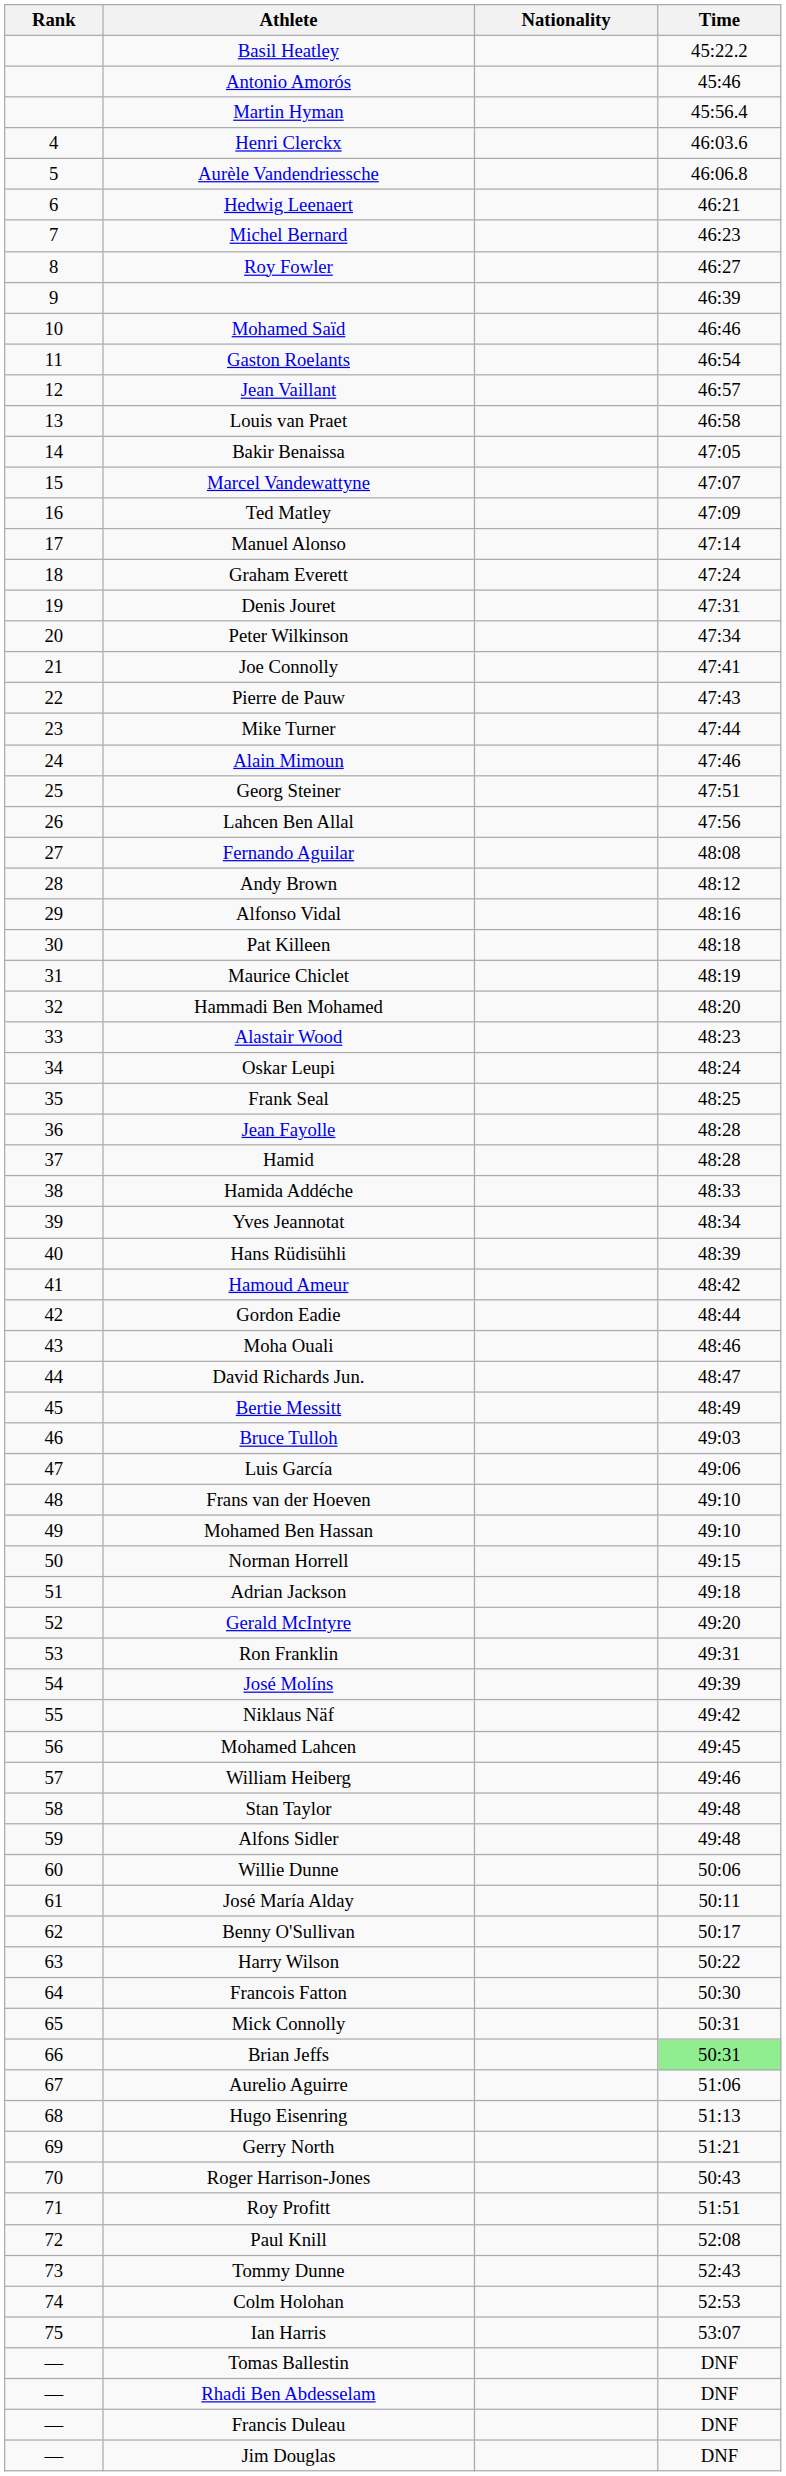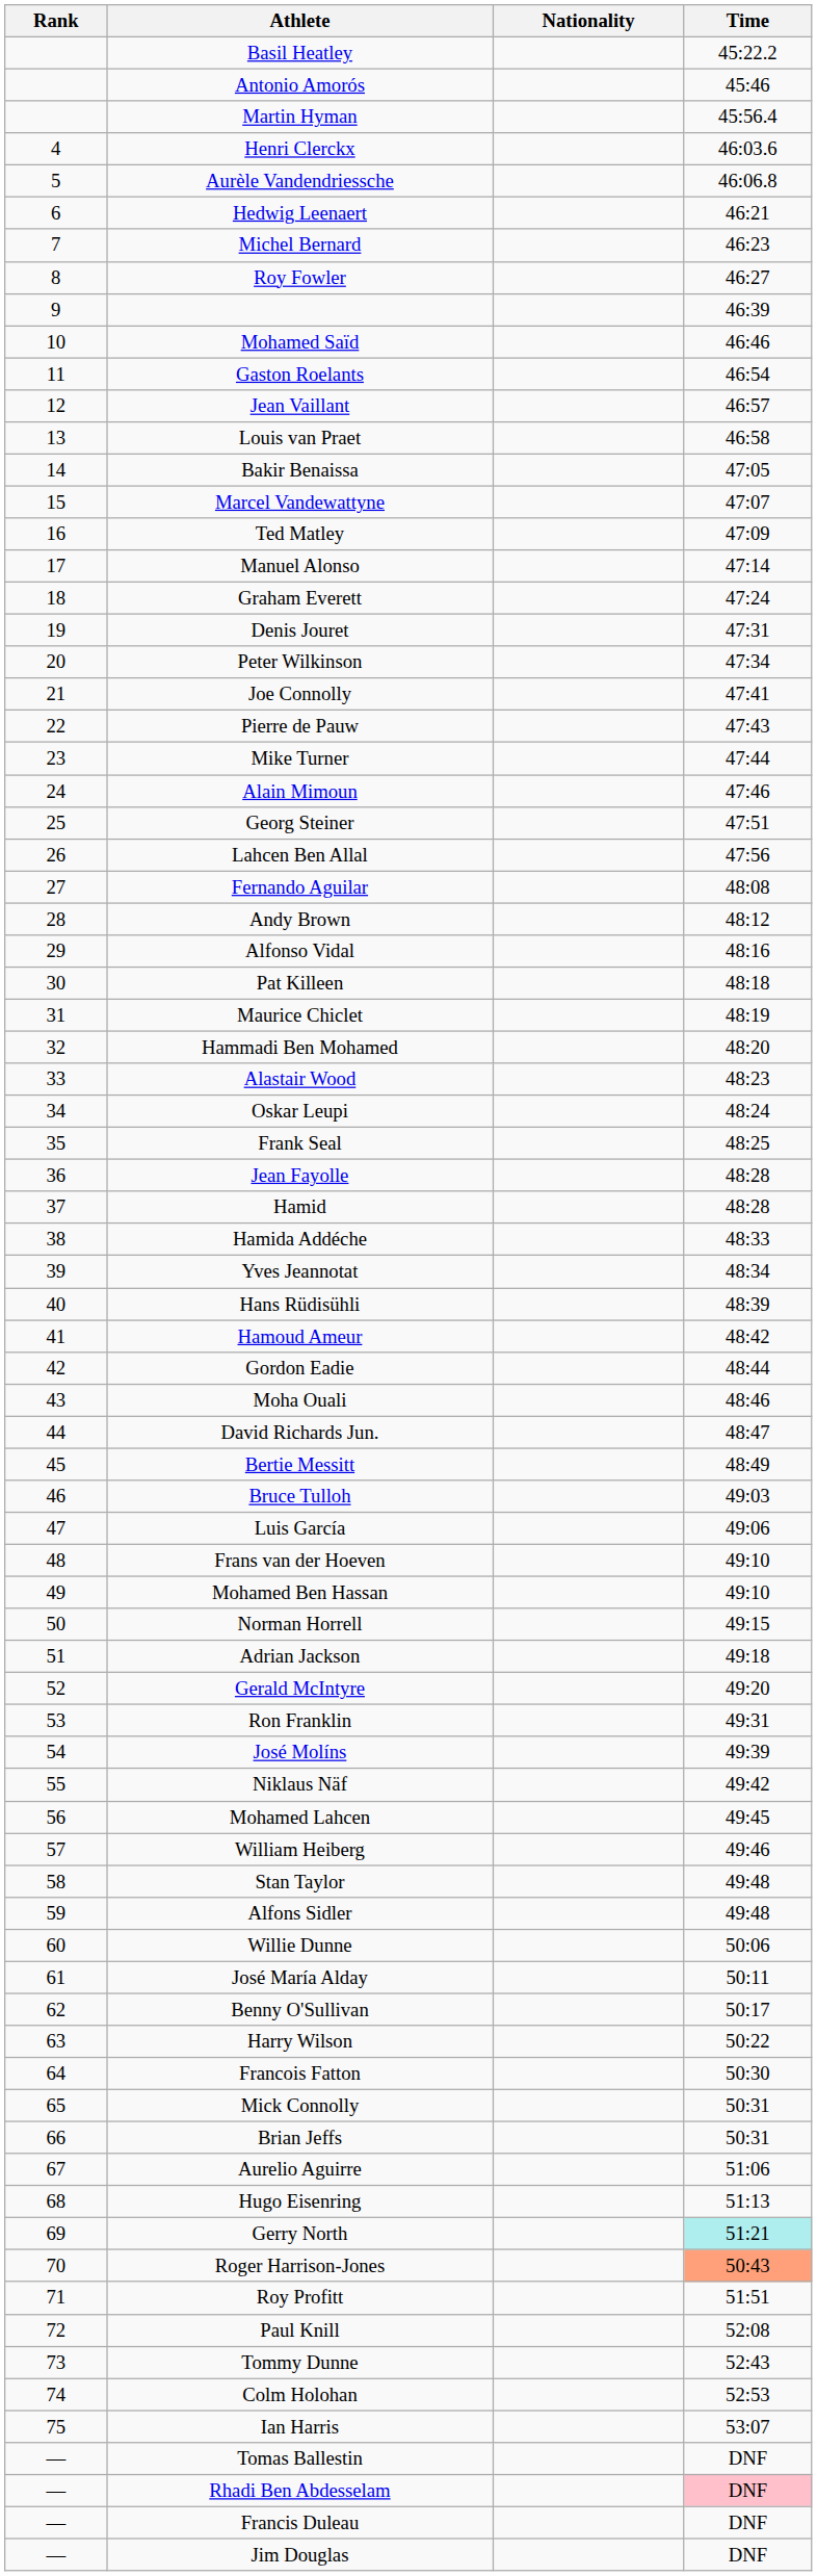 <table class="wikitable sortable" style=" text-align:center; font-size:95%;" width="50%">
 <tr>
 <th>Rank</th>
 <th>Athlete</th>
 <th>Nationality</th>
 <th>Time</th>
 </tr>
 <tr>
 <td align=center></td>
 <td><a href='#'>Basil Heatley</a></td>
 <td></td>
 <td>45:22.2</td>
 </tr>
 <tr>
 <td align=center></td>
 <td><a href='#'>Antonio Amorós</a></td>
 <td></td>
 <td>45:46</td>
 </tr>
 <tr>
 <td align=center></td>
 <td><a href='#'>Martin Hyman</a></td>
 <td></td>
 <td>45:56.4</td>
 </tr>
 <tr>
 <td align=center>4</td>
 <td><a href='#'>Henri Clerckx</a></td>
 <td></td>
 <td>46:03.6</td>
 </tr>
 <tr>
 <td align=center>5</td>
 <td><a href='#'>Aurèle Vandendriessche</a></td>
 <td></td>
 <td>46:06.8</td>
 </tr>
 <tr>
 <td align=center>6</td>
 <td><a href='#'>Hedwig Leenaert</a></td>
 <td></td>
 <td>46:21</td>
 </tr>
 <tr>
 <td align=center>7</td>
 <td><a href='#'>Michel Bernard</a></td>
 <td></td>
 <td>46:23</td>
 </tr>
 <tr>
 <td align=center>8</td>
 <td><a href='#'>Roy Fowler</a></td>
 <td></td>
 <td>46:27</td>
 </tr>
 <tr>
 <td align=center>9</td>
 <td></td>
 <td></td>
 <td>46:39</td>
 </tr>
 <tr>
 <td align=center>10</td>
 <td><a href='#'>Mohamed Saïd</a></td>
 <td></td>
 <td>46:46</td>
 </tr>
 <tr>
 <td align=center>11</td>
 <td><a href='#'>Gaston Roelants</a></td>
 <td></td>
 <td>46:54</td>
 </tr>
 <tr>
 <td align=center>12</td>
 <td><a href='#'>Jean Vaillant</a></td>
 <td></td>
 <td>46:57</td>
 </tr>
 <tr>
 <td align=center>13</td>
 <td>Louis van Praet</td>
 <td></td>
 <td>46:58</td>
 </tr>
 <tr>
 <td align=center>14</td>
 <td>Bakir Benaissa</td>
 <td></td>
 <td>47:05</td>
 </tr>
 <tr>
 <td align=center>15</td>
 <td><a href='#'>Marcel Vandewattyne</a></td>
 <td></td>
 <td>47:07</td>
 </tr>
 <tr>
 <td align=center>16</td>
 <td>Ted Matley</td>
 <td></td>
 <td>47:09</td>
 </tr>
 <tr>
 <td align=center>17</td>
 <td>Manuel Alonso</td>
 <td></td>
 <td>47:14</td>
 </tr>
 <tr>
 <td align=center>18</td>
 <td>Graham Everett</td>
 <td></td>
 <td>47:24</td>
 </tr>
 <tr>
 <td align=center>19</td>
 <td>Denis Jouret</td>
 <td></td>
 <td>47:31</td>
 </tr>
 <tr>
 <td align=center>20</td>
 <td>Peter Wilkinson</td>
 <td></td>
 <td>47:34</td>
 </tr>
 <tr>
 <td align=center>21</td>
 <td>Joe Connolly</td>
 <td></td>
 <td>47:41</td>
 </tr>
 <tr>
 <td align=center>22</td>
 <td>Pierre de Pauw</td>
 <td></td>
 <td>47:43</td>
 </tr>
 <tr>
 <td align=center>23</td>
 <td>Mike Turner</td>
 <td></td>
 <td>47:44</td>
 </tr>
 <tr>
 <td align=center>24</td>
 <td><a href='#'>Alain Mimoun</a></td>
 <td></td>
 <td>47:46</td>
 </tr>
 <tr>
 <td align=center>25</td>
 <td>Georg Steiner</td>
 <td></td>
 <td>47:51</td>
 </tr>
 <tr>
 <td align=center>26</td>
 <td>Lahcen Ben Allal</td>
 <td></td>
 <td>47:56</td>
 </tr>
 <tr>
 <td align=center>27</td>
 <td><a href='#'>Fernando Aguilar</a></td>
 <td></td>
 <td>48:08</td>
 </tr>
 <tr>
 <td align=center>28</td>
 <td>Andy Brown</td>
 <td></td>
 <td>48:12</td>
 </tr>
 <tr>
 <td align=center>29</td>
 <td>Alfonso Vidal</td>
 <td></td>
 <td>48:16</td>
 </tr>
 <tr>
 <td align=center>30</td>
 <td>Pat Killeen</td>
 <td></td>
 <td>48:18</td>
 </tr>
 <tr>
 <td align=center>31</td>
 <td>Maurice Chiclet</td>
 <td></td>
 <td>48:19</td>
 </tr>
 <tr>
 <td align=center>32</td>
 <td>Hammadi Ben Mohamed</td>
 <td></td>
 <td>48:20</td>
 </tr>
 <tr>
 <td align=center>33</td>
 <td><a href='#'>Alastair Wood</a></td>
 <td></td>
 <td>48:23</td>
 </tr>
 <tr>
 <td align=center>34</td>
 <td>Oskar Leupi</td>
 <td></td>
 <td>48:24</td>
 </tr>
 <tr>
 <td align=center>35</td>
 <td>Frank Seal</td>
 <td></td>
 <td>48:25</td>
 </tr>
 <tr>
 <td align=center>36</td>
 <td><a href='#'>Jean Fayolle</a></td>
 <td></td>
 <td>48:28</td>
 </tr>
 <tr>
 <td align=center>37</td>
 <td>Hamid</td>
 <td></td>
 <td>48:28</td>
 </tr>
 <tr>
 <td align=center>38</td>
 <td>Hamida Addéche</td>
 <td></td>
 <td>48:33</td>
 </tr>
 <tr>
 <td align=center>39</td>
 <td>Yves Jeannotat</td>
 <td></td>
 <td>48:34</td>
 </tr>
 <tr>
 <td align=center>40</td>
 <td>Hans Rüdisühli</td>
 <td></td>
 <td>48:39</td>
 </tr>
 <tr>
 <td align=center>41</td>
 <td><a href='#'>Hamoud Ameur</a></td>
 <td></td>
 <td>48:42</td>
 </tr>
 <tr>
 <td align=center>42</td>
 <td>Gordon Eadie</td>
 <td></td>
 <td>48:44</td>
 </tr>
 <tr>
 <td align=center>43</td>
 <td>Moha Ouali</td>
 <td></td>
 <td>48:46</td>
 </tr>
 <tr>
 <td align=center>44</td>
 <td>David Richards Jun.</td>
 <td></td>
 <td>48:47</td>
 </tr>
 <tr>
 <td align=center>45</td>
 <td><a href='#'>Bertie Messitt</a></td>
 <td></td>
 <td>48:49</td>
 </tr>
 <tr>
 <td align=center>46</td>
 <td><a href='#'>Bruce Tulloh</a></td>
 <td></td>
 <td>49:03</td>
 </tr>
 <tr>
 <td align=center>47</td>
 <td>Luis García</td>
 <td></td>
 <td>49:06</td>
 </tr>
 <tr>
 <td align=center>48</td>
 <td>Frans van der Hoeven</td>
 <td></td>
 <td>49:10</td>
 </tr>
 <tr>
 <td align=center>49</td>
 <td>Mohamed Ben Hassan</td>
 <td></td>
 <td>49:10</td>
 </tr>
 <tr>
 <td align=center>50</td>
 <td>Norman Horrell</td>
 <td></td>
 <td>49:15</td>
 </tr>
 <tr>
 <td align=center>51</td>
 <td>Adrian Jackson</td>
 <td></td>
 <td>49:18</td>
 </tr>
 <tr>
 <td align=center>52</td>
 <td><a href='#'>Gerald McIntyre</a></td>
 <td></td>
 <td>49:20</td>
 </tr>
 <tr>
 <td align=center>53</td>
 <td>Ron Franklin</td>
 <td></td>
 <td>49:31</td>
 </tr>
 <tr>
 <td align=center>54</td>
 <td><a href='#'>José Molíns</a></td>
 <td></td>
 <td>49:39</td>
 </tr>
 <tr>
 <td align=center>55</td>
 <td>Niklaus Näf</td>
 <td></td>
 <td>49:42</td>
 </tr>
 <tr>
 <td align=center>56</td>
 <td>Mohamed Lahcen</td>
 <td></td>
 <td>49:45</td>
 </tr>
 <tr>
 <td align=center>57</td>
 <td>William Heiberg</td>
 <td></td>
 <td>49:46</td>
 </tr>
 <tr>
 <td align=center>58</td>
 <td>Stan Taylor</td>
 <td></td>
 <td>49:48</td>
 </tr>
 <tr>
 <td align=center>59</td>
 <td>Alfons Sidler</td>
 <td></td>
 <td>49:48</td>
 </tr>
 <tr>
 <td align=center>60</td>
 <td>Willie Dunne</td>
 <td></td>
 <td>50:06</td>
 </tr>
 <tr>
 <td align=center>61</td>
 <td>José María Alday</td>
 <td></td>
 <td>50:11</td>
 </tr>
 <tr>
 <td align=center>62</td>
 <td>Benny O'Sullivan</td>
 <td></td>
 <td>50:17</td>
 </tr>
 <tr>
 <td align=center>63</td>
 <td>Harry Wilson</td>
 <td></td>
 <td>50:22</td>
 </tr>
 <tr>
 <td align=center>64</td>
 <td>Francois Fatton</td>
 <td></td>
 <td>50:30</td>
 </tr>
 <tr>
 <td align=center>65</td>
 <td>Mick Connolly</td>
 <td></td>
 <td>50:31</td>
 </tr>
 <tr>
 <td align=center>66</td>
 <td>Brian Jeffs</td>
 <td></td>
-<td style="background: lightgreen;">50:31</td>
+<td>50:31</td>
 </tr>
 <tr>
 <td align=center>67</td>
 <td>Aurelio Aguirre</td>
 <td></td>
 <td>51:06</td>
 </tr>
 <tr>
 <td align=center>68</td>
 <td>Hugo Eisenring</td>
 <td></td>
 <td>51:13</td>
 </tr>
 <tr>
 <td align=center>69</td>
 <td>Gerry North</td>
 <td></td>
-<td>51:21</td>
+<td style="background: paleturquoise;">51:21</td>
 </tr>
 <tr>
 <td align=center>70</td>
 <td>Roger Harrison-Jones</td>
 <td></td>
-<td>50:43</td>
+<td style="background: lightsalmon;">50:43</td>
 </tr>
 <tr>
 <td align=center>71</td>
 <td>Roy Profitt</td>
 <td></td>
 <td>51:51</td>
 </tr>
 <tr>
 <td align=center>72</td>
 <td>Paul Knill</td>
 <td></td>
 <td>52:08</td>
 </tr>
 <tr>
 <td align=center>73</td>
 <td>Tommy Dunne</td>
 <td></td>
 <td>52:43</td>
 </tr>
 <tr>
 <td align=center>74</td>
 <td>Colm Holohan</td>
 <td></td>
 <td>52:53</td>
 </tr>
 <tr>
 <td align=center>75</td>
 <td>Ian Harris</td>
 <td></td>
 <td>53:07</td>
 </tr>
 <tr>
 <td align=center>—</td>
 <td>Tomas Ballestin</td>
 <td></td>
 <td>DNF</td>
 </tr>
 <tr>
 <td align=center>—</td>
 <td><a href='#'>Rhadi Ben Abdesselam</a></td>
 <td></td>
-<td>DNF</td>
+<td style="background: pink;">DNF</td>
 </tr>
 <tr>
 <td align=center>—</td>
 <td>Francis Duleau</td>
 <td></td>
 <td>DNF</td>
 </tr>
 <tr>
 <td align=center>—</td>
 <td>Jim Douglas</td>
 <td></td>
 <td>DNF</td>
 </tr>
 </table>
